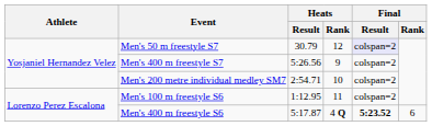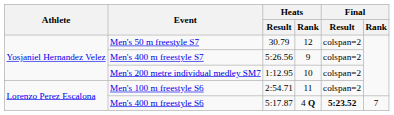 <table class=wikitable style="font-size:90%">
 <tr>
 <th rowspan="2">Athlete</th>
 <th rowspan="2">Event</th>
 <th colspan="2">Heats</th>
 <th colspan="2">Final</th>
 </tr>
 <tr>
 <th>Result</th>
 <th>Rank</th>
 <th>Result</th>
 <th>Rank</th>
 </tr>
 <tr align=center>
 <td align=left rowspan=3><a href='#'>Yosjaniel Hernandez Velez</a></td>
 <td align=left><a href='#'>Men's 50 m freestyle S7</a></td>
 <td>30.79</td>
 <td>12</td>
-<td style="background: lavender;">colspan=2 </td>
+<td>colspan=2 </td>
 </tr>
 <tr align=center>
 <td align=left><a href='#'>Men's 400 m freestyle S7</a></td>
 <td>5:26.56</td>
 <td>9</td>
 <td>colspan=2 </td>
 </tr>
 <tr align=center>
 <td align=left><a href='#'>Men's 200 metre individual medley SM7</a></td>
-<td>2:54.71</td>
+<td>1:12.95</td>
 <td>10</td>
 <td>colspan=2 </td>
 </tr>
 <tr align=center>
 <td align=left rowspan=2><a href='#'>Lorenzo Perez Escalona</a></td>
 <td align=left><a href='#'>Men's 100 m freestyle S6</a></td>
-<td>1:12.95</td>
+<td>2:54.71</td>
 <td>11</td>
 <td>colspan=2 </td>
 </tr>
 <tr align=center>
 <td align=left><a href='#'>Men's 400 m freestyle S6</a></td>
 <td>5:17.87</td>
 <td>4 <strong>Q</strong></td>
 <td><strong>5:23.52</strong></td>
-<td>6</td>
+<td>7</td>
 </tr>
 </table>
